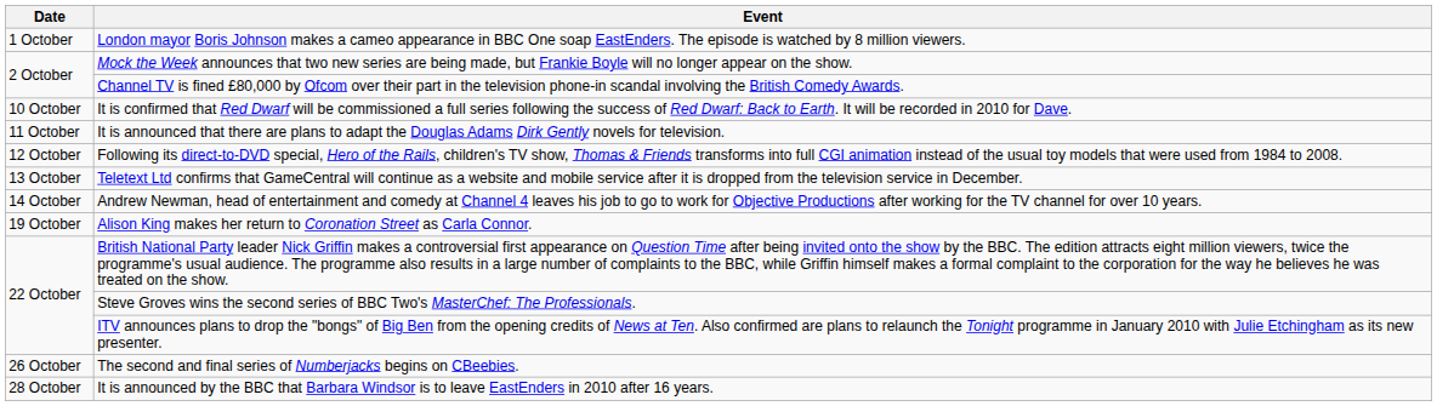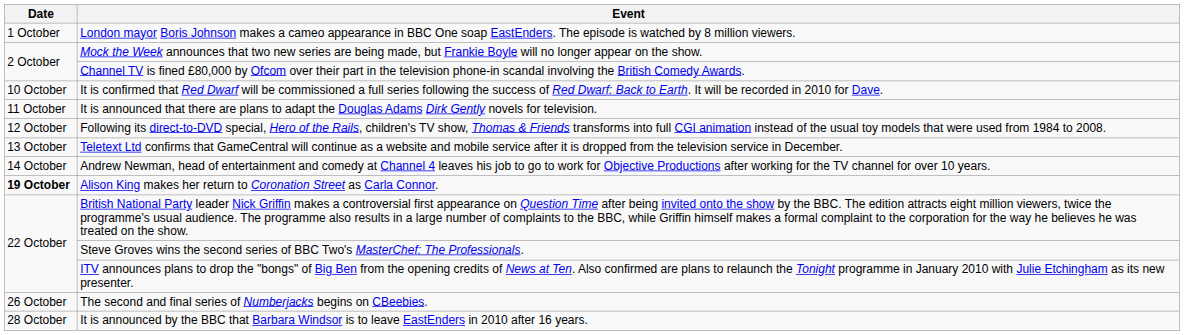 <table class="wikitable">
 <tr>
 <th width=90>Date</th>
 <th>Event</th>
 </tr>
 <tr>
 <td>1 October</td>
 <td><a href='#'>London mayor</a> <a href='#'>Boris Johnson</a> makes a cameo appearance in BBC One soap <a href='#'>EastEnders</a>. The episode is watched by 8 million viewers.</td>
 </tr>
 <tr>
 <td rowspan=2>2 October</td>
 <td><em><a href='#'>Mock the Week</a></em> announces that two new series are being made, but <a href='#'>Frankie Boyle</a> will no longer appear on the show.</td>
 </tr>
 <tr>
 <td><a href='#'>Channel TV</a> is fined £80,000 by <a href='#'>Ofcom</a> over their part in the television phone-in scandal involving the <a href='#'>British Comedy Awards</a>.</td>
 </tr>
 <tr>
 <td>10 October</td>
 <td>It is confirmed that <em><a href='#'>Red Dwarf</a></em> will be commissioned a full series following the success of <em><a href='#'>Red Dwarf: Back to Earth</a></em>. It will be recorded in 2010 for <a href='#'>Dave</a>.</td>
 </tr>
 <tr>
 <td>11 October</td>
 <td>It is announced that there are plans to adapt the <a href='#'>Douglas Adams</a> <em><a href='#'>Dirk Gently</a></em> novels for television.</td>
 </tr>
 <tr>
 <td>12 October</td>
 <td>Following its <a href='#'>direct-to-DVD</a> special, <em><a href='#'>Hero of the Rails</a></em>, children's TV show, <em><a href='#'>Thomas & Friends</a></em> transforms into full <a href='#'>CGI animation</a> instead of the usual toy models that were used from 1984 to 2008.</td>
 </tr>
 <tr>
 <td>13 October</td>
 <td><a href='#'>Teletext Ltd</a> confirms that GameCentral will continue as a website and mobile service after it is dropped from the television service in December.</td>
 </tr>
 <tr>
 <td>14 October</td>
 <td>Andrew Newman, head of entertainment and comedy at <a href='#'>Channel 4</a> leaves his job to go to work for <a href='#'>Objective Productions</a> after working for the TV channel for over 10 years.</td>
 </tr>
 <tr>
-<td>19 October</td>
+<td><strong>19 October</strong></td>
 <td><a href='#'>Alison King</a> makes her return to <em><a href='#'>Coronation Street</a></em> as <a href='#'>Carla Connor</a>.</td>
 </tr>
 <tr>
 <td rowspan=3>22 October</td>
 <td><a href='#'>British National Party</a> leader <a href='#'>Nick Griffin</a> makes a controversial first appearance on <em><a href='#'>Question Time</a></em> after being <a href='#'>invited onto the show</a> by the BBC. The edition attracts eight million viewers, twice the programme's usual audience. The programme also results in a large number of complaints to the BBC, while Griffin himself makes a formal complaint to the corporation for the way he believes he was treated on the show.</td>
 </tr>
 <tr>
 <td>Steve Groves wins the second series of BBC Two's <em><a href='#'>MasterChef: The Professionals</a></em>.</td>
 </tr>
 <tr>
 <td><a href='#'>ITV</a> announces plans to drop the "bongs" of <a href='#'>Big Ben</a> from the opening credits of <em><a href='#'>News at Ten</a></em>. Also confirmed are plans to relaunch the <em><a href='#'>Tonight</a></em> programme in January 2010 with <a href='#'>Julie Etchingham</a> as its new presenter.</td>
 </tr>
 <tr>
 <td>26 October</td>
 <td>The second and final series of <em><a href='#'>Numberjacks</a></em> begins on <a href='#'>CBeebies</a>.</td>
 </tr>
 <tr>
 <td>28 October</td>
 <td>It is announced by the BBC that <a href='#'>Barbara Windsor</a> is to leave <a href='#'>EastEnders</a> in 2010 after 16 years.</td>
 </tr>
 </table>
